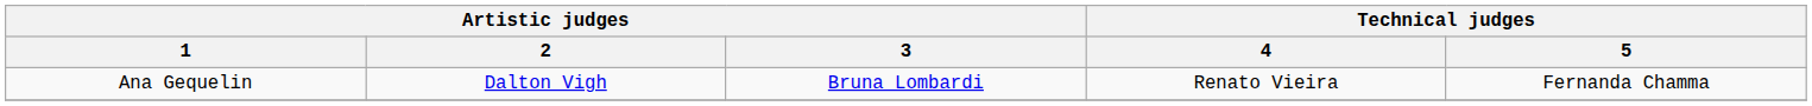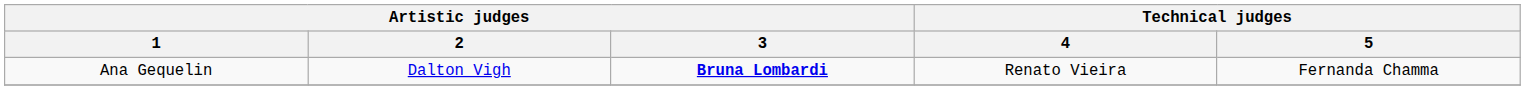 <table class="wikitable" style="font-size:100%; line-height:16px; text-align:center" width="100%">
 <tr>
 <th colspan=3>Artistic judges</th>
 <th colspan=2>Technical judges</th>
 </tr>
 <tr>
 <th width="20%">1</th>
 <th width="20%">2</th>
 <th width="20%">3</th>
 <th width="20%">4</th>
 <th width="20%">5</th>
 </tr>
 <tr>
 <td>Ana Gequelin</td>
 <td><a href='#'>Dalton Vigh</a></td>
-<td><a href='#'>Bruna Lombardi</a></td>
+<td><strong><a href='#'>Bruna Lombardi</a></strong></td>
 <td>Renato Vieira</td>
 <td>Fernanda Chamma</td>
 </tr>
 <tr>
 </tr>
 </table>
